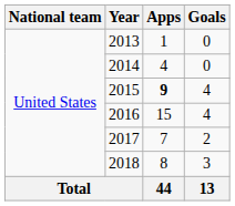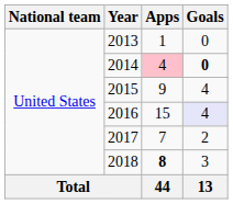 <table class="wikitable" style="text-align:center">
 <tr>
 <th>National team</th>
 <th>Year</th>
 <th>Apps</th>
 <th>Goals</th>
 </tr>
 <tr>
 <td rowspan="6"><a href='#'>United States</a></td>
 <td>2013</td>
 <td>1</td>
 <td>0</td>
 </tr>
 <tr>
 <td>2014</td>
-<td>4</td>
-<td>0</td>
+<td style="background: pink;">4</td>
+<td><strong>0</strong></td>
 </tr>
 <tr>
 <td>2015</td>
-<td><strong>9</strong></td>
+<td>9</td>
 <td>4</td>
 </tr>
 <tr>
 <td>2016</td>
 <td>15</td>
-<td>4</td>
+<td style="background: lavender;">4</td>
 </tr>
 <tr>
 <td>2017</td>
 <td>7</td>
 <td>2</td>
 </tr>
 <tr>
 <td>2018</td>
-<td>8</td>
+<td><strong>8</strong></td>
 <td>3</td>
 </tr>
 <tr>
 <th colspan="2">Total</th>
 <th>44</th>
 <th>13</th>
 </tr>
 </table>
